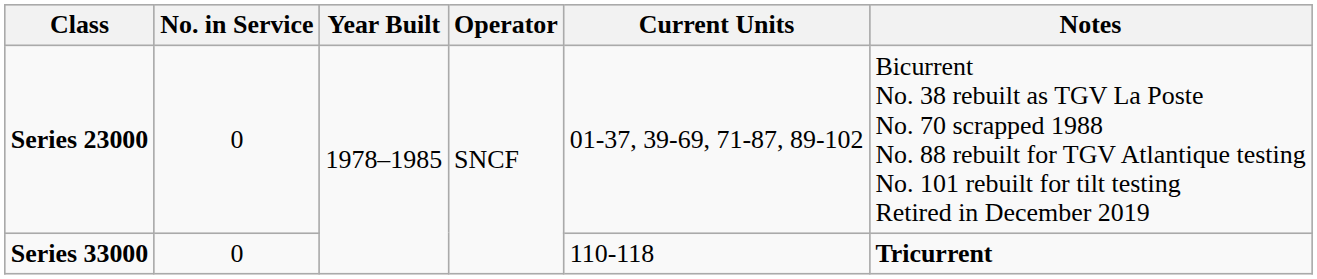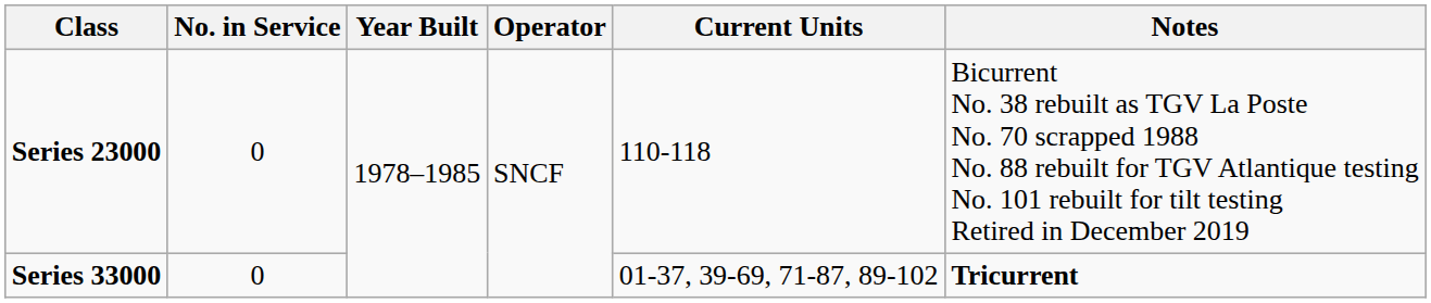 <table class="wikitable">
 <tr>
 <th>Class</th>
 <th>No. in Service</th>
 <th>Year Built</th>
 <th>Operator</th>
 <th>Current Units</th>
 <th>Notes</th>
 </tr>
 <tr>
 <td><strong>Series 23000</strong></td>
 <td align=center>0</td>
 <td rowspan=2 align=center>1978–1985</td>
 <td rowspan=2>SNCF</td>
-<td>01-37, 39-69, 71-87, 89-102</td>
+<td>110-118</td>
 <td>Bicurrent<br>No. 38 rebuilt as TGV La Poste<br>No. 70 scrapped 1988<br>No. 88 rebuilt for TGV Atlantique testing<br>No. 101 rebuilt for tilt testing<br>Retired in December 2019</td>
 </tr>
 <tr>
 <td><strong>Series 33000</strong></td>
 <td align="center">0</td>
-<td>110-118</td>
+<td>01-37, 39-69, 71-87, 89-102</td>
 <td><strong>Tricurrent</strong></td>
 </tr>
 </table>
